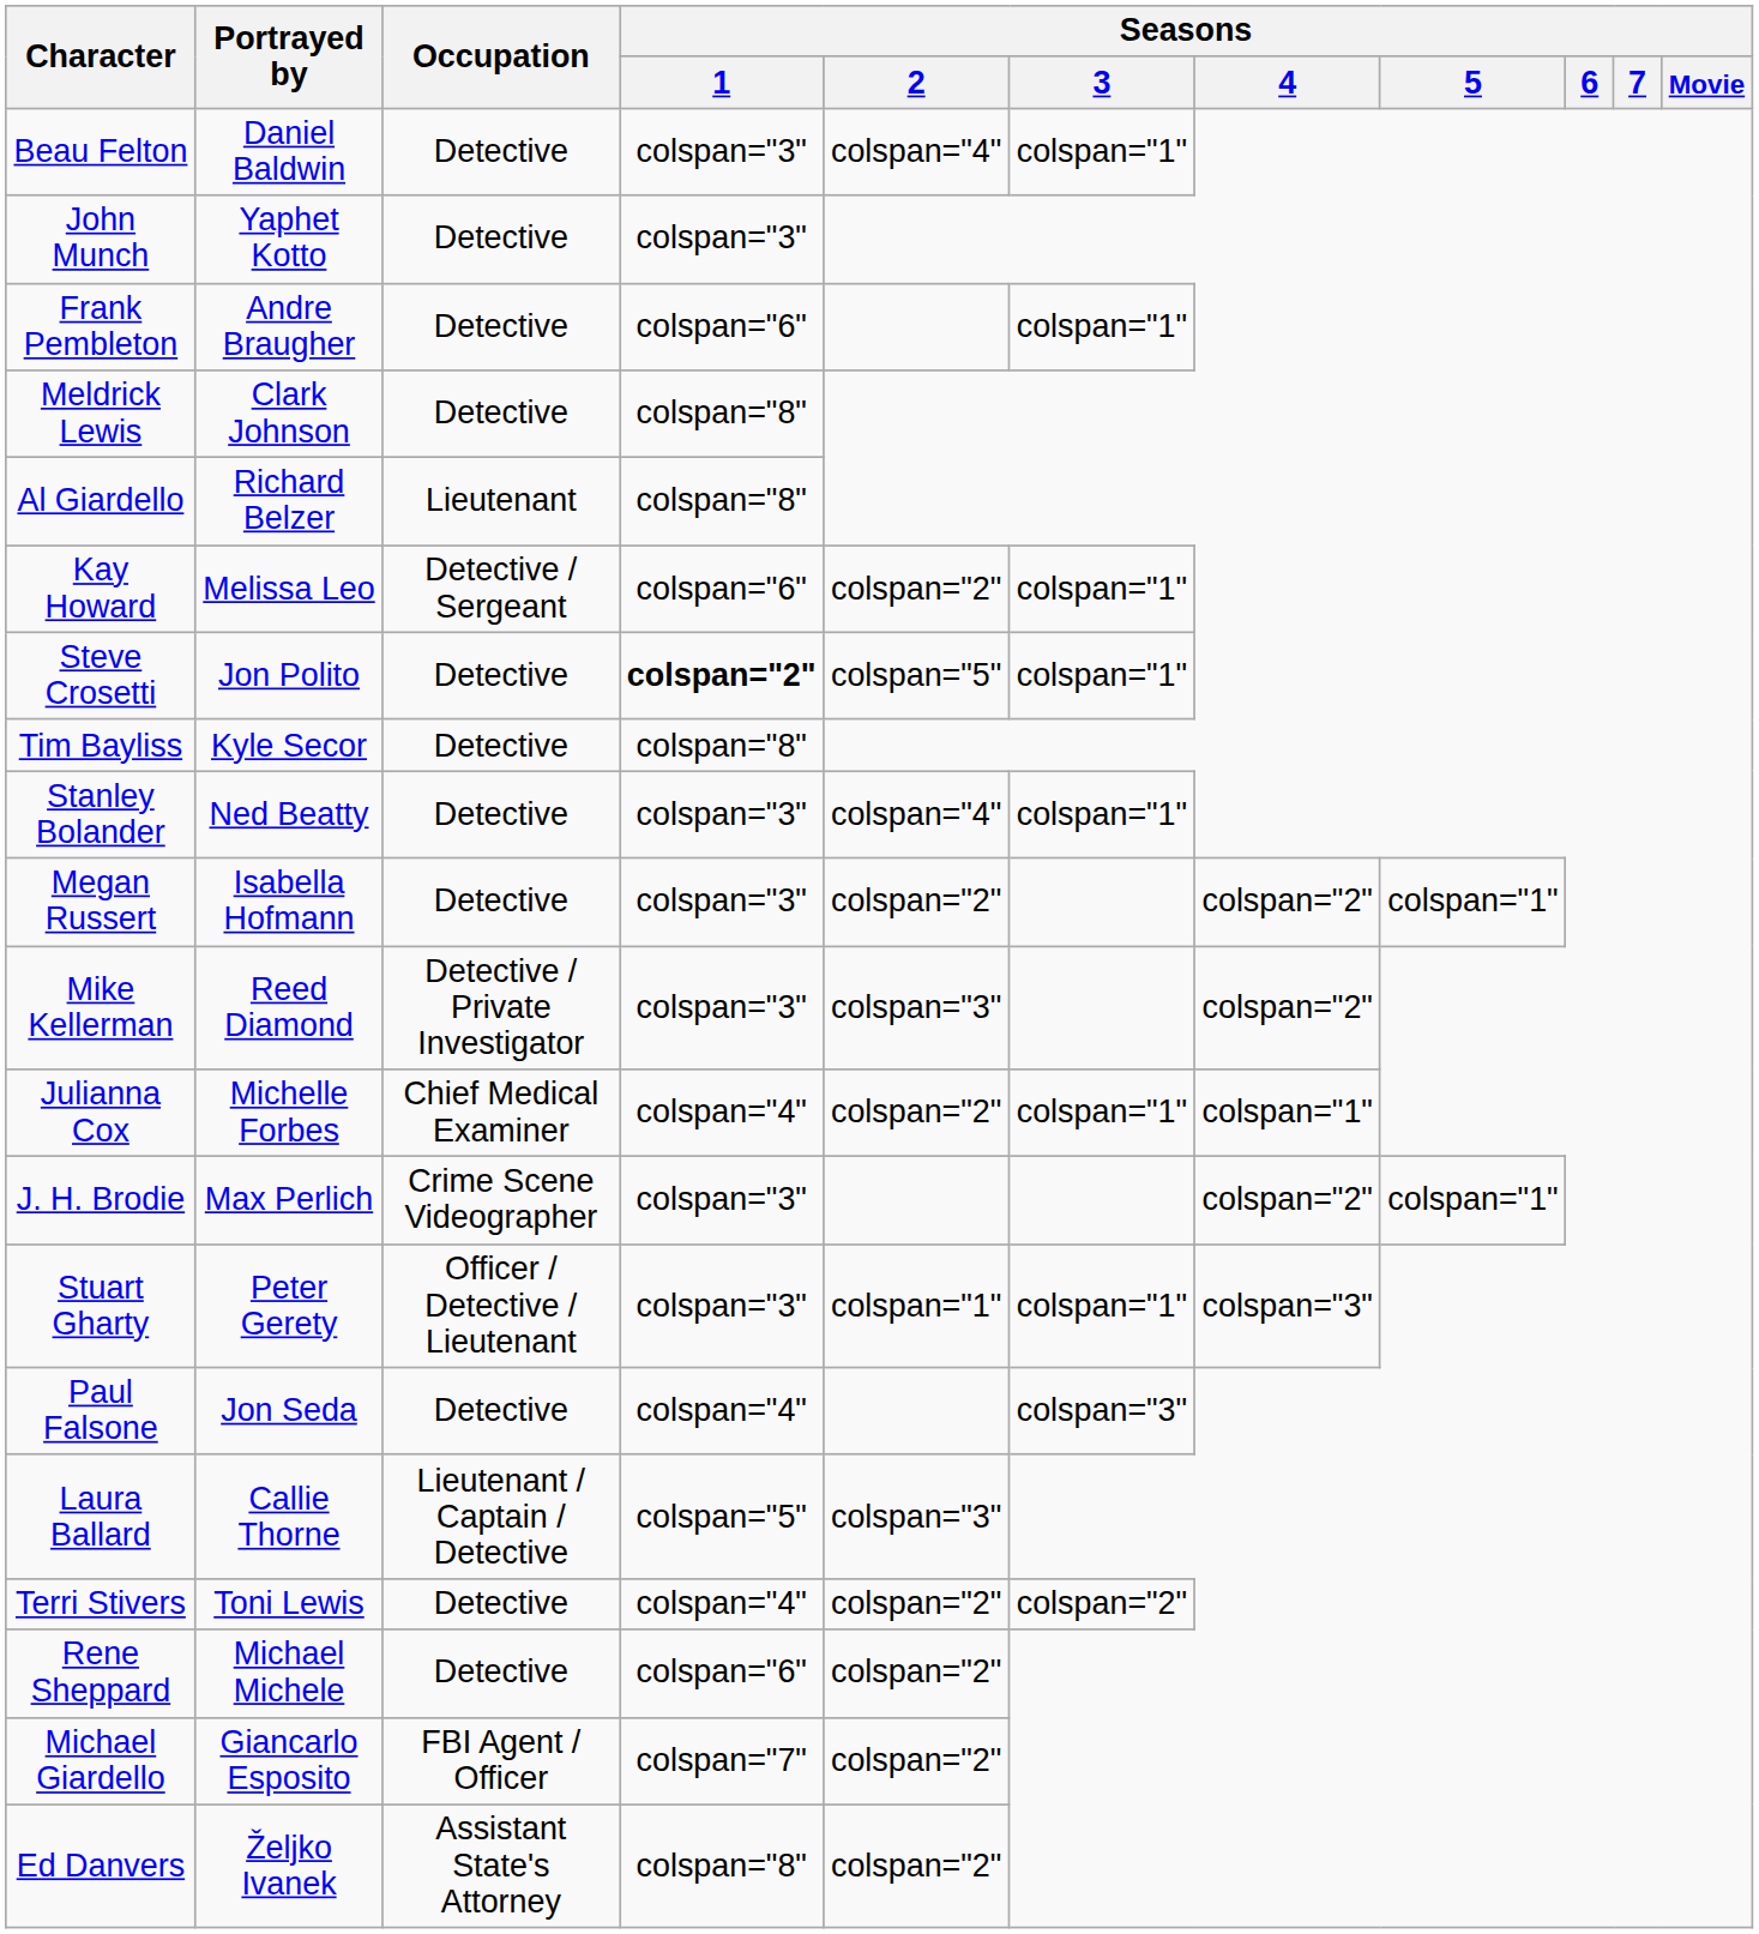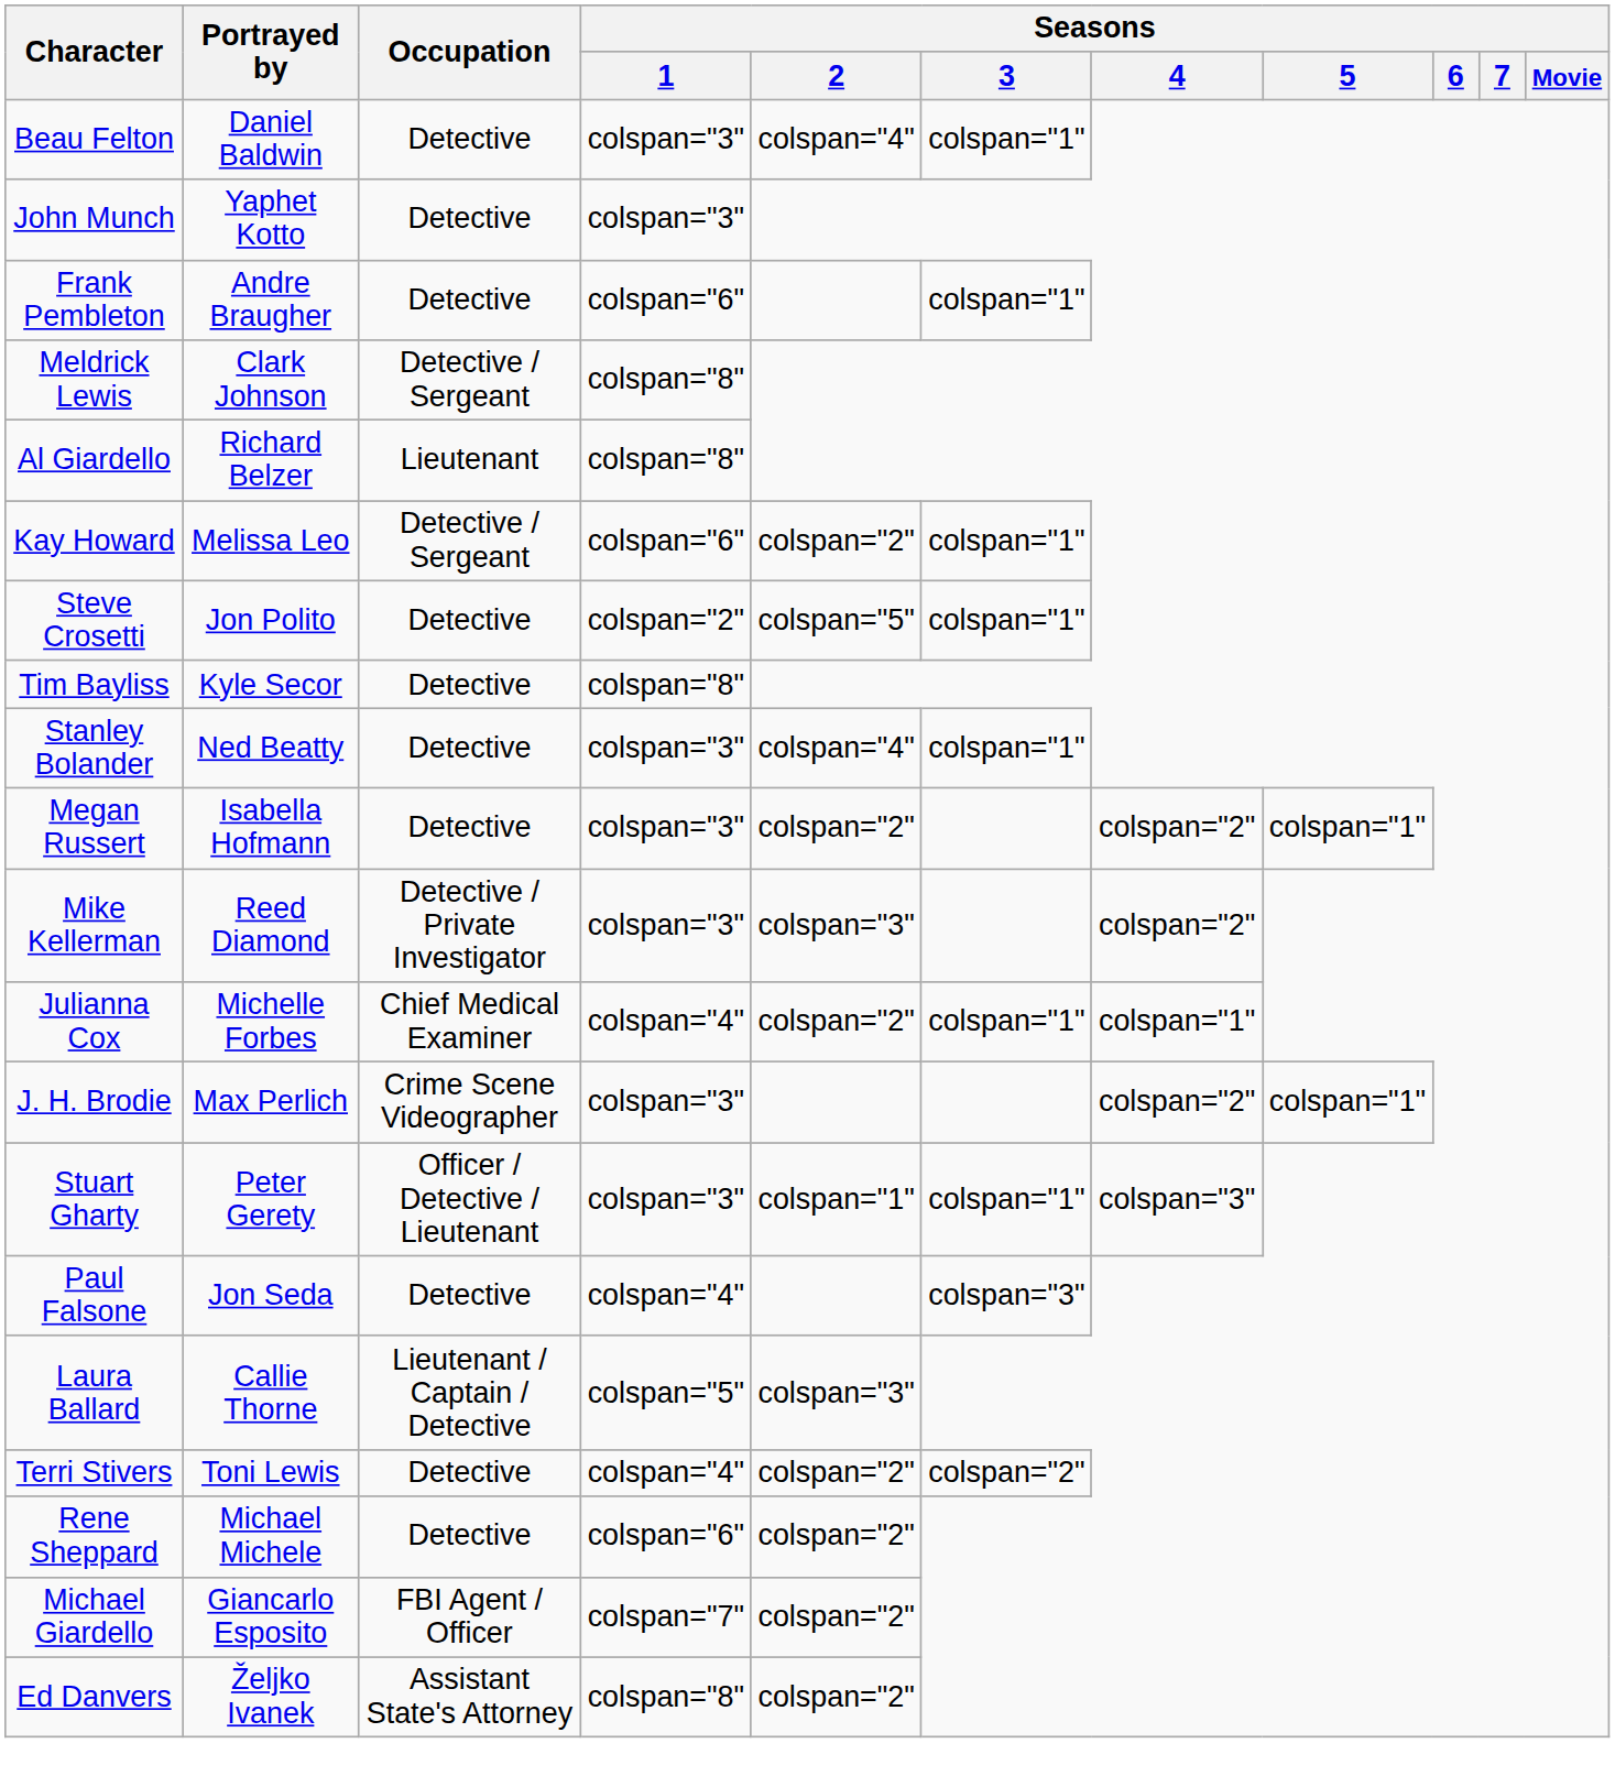 <table class="wikitable plainrowheaders" style="text-align:center;">
 <tr>
 <th scope="col" rowspan="2" style="width:14%;">Character</th>
 <th scope="col" rowspan="2" style="width:14%;">Portrayed by</th>
 <th scope="col" rowspan="2" style="width:18%;">Occupation</th>
 <th scope="col" colspan="8" style="width:35%;">Seasons</th>
 </tr>
 <tr>
 <th scope="col" style="width:5%;"><a href='#'>1</a></th>
 <th scope="col" style="width:5%;"><a href='#'>2</a></th>
 <th scope="col" style="width:5%;"><a href='#'>3</a></th>
 <th scope="col" style="width:5%;"><a href='#'>4</a></th>
 <th scope="col" style="width:5%;"><a href='#'>5</a></th>
 <th scope="col" style="width:5%;"><a href='#'>6</a></th>
 <th scope="col" style="width:5%;"><a href='#'>7</a></th>
 <th scope="col" style="width:5%;"><small><a href='#'>Movie</a></small></th>
 </tr>
 <tr>
 <td><a href='#'>Beau Felton</a></td>
 <td><a href='#'>Daniel Baldwin</a></td>
 <td>Detective</td>
 <td>colspan="3" </td>
 <td>colspan="4" </td>
 <td>colspan="1" </td>
 </tr>
 <tr>
 <td><a href='#'>John Munch</a></td>
 <td><a href='#'>Yaphet Kotto</a></td>
 <td>Detective</td>
 <td>colspan="3" </td>
 </tr>
 <tr>
 <td><a href='#'>Frank Pembleton</a></td>
 <td><a href='#'>Andre Braugher</a></td>
 <td>Detective</td>
 <td>colspan="6" </td>
 <td></td>
 <td>colspan="1" </td>
 </tr>
 <tr>
 <td><a href='#'>Meldrick Lewis</a></td>
 <td><a href='#'>Clark Johnson</a></td>
-<td>Detective</td>
+<td>Detective / Sergeant</td>
 <td>colspan="8" </td>
 </tr>
 <tr>
 <td><a href='#'>Al Giardello</a></td>
 <td><a href='#'>Richard Belzer</a></td>
 <td>Lieutenant</td>
 <td>colspan="8" </td>
 </tr>
 <tr>
 <td><a href='#'>Kay Howard</a></td>
 <td><a href='#'>Melissa Leo</a></td>
 <td>Detective / Sergeant</td>
 <td>colspan="6" </td>
 <td>colspan="2" </td>
 <td>colspan="1" </td>
 </tr>
 <tr>
 <td><a href='#'>Steve Crosetti</a></td>
 <td><a href='#'>Jon Polito</a></td>
 <td>Detective</td>
-<td><strong>colspan="2" </strong></td>
+<td>colspan="2" </td>
 <td>colspan="5" </td>
 <td>colspan="1" </td>
 </tr>
 <tr>
 <td><a href='#'>Tim Bayliss</a></td>
 <td><a href='#'>Kyle Secor</a></td>
 <td>Detective</td>
 <td>colspan="8" </td>
 </tr>
 <tr>
 <td><a href='#'>Stanley Bolander</a></td>
 <td><a href='#'>Ned Beatty</a></td>
 <td>Detective</td>
 <td>colspan="3" </td>
 <td>colspan="4" </td>
 <td>colspan="1" </td>
 </tr>
 <tr>
 <td><a href='#'>Megan Russert</a></td>
 <td><a href='#'>Isabella Hofmann</a></td>
 <td>Detective</td>
 <td>colspan="3" </td>
 <td>colspan="2" </td>
 <td></td>
 <td>colspan="2" </td>
 <td>colspan="1" </td>
 </tr>
 <tr>
 <td><a href='#'>Mike Kellerman</a></td>
 <td><a href='#'>Reed Diamond</a></td>
 <td>Detective / Private Investigator</td>
 <td>colspan="3" </td>
 <td>colspan="3" </td>
 <td></td>
 <td>colspan="2" </td>
 </tr>
 <tr>
 <td><a href='#'>Julianna Cox</a></td>
 <td><a href='#'>Michelle Forbes</a></td>
 <td>Chief Medical Examiner</td>
 <td>colspan="4" </td>
 <td>colspan="2" </td>
 <td>colspan="1" </td>
 <td>colspan="1" </td>
 </tr>
 <tr>
 <td><a href='#'>J. H. Brodie</a></td>
 <td><a href='#'>Max Perlich</a></td>
 <td>Crime Scene Videographer</td>
 <td>colspan="3" </td>
 <td></td>
 <td></td>
 <td>colspan="2" </td>
 <td>colspan="1" </td>
 </tr>
 <tr>
 <td><a href='#'>Stuart Gharty</a></td>
 <td><a href='#'>Peter Gerety</a></td>
 <td>Officer / Detective / Lieutenant</td>
 <td>colspan="3" </td>
 <td>colspan="1" </td>
 <td>colspan="1" </td>
 <td>colspan="3" </td>
 </tr>
 <tr>
 <td><a href='#'>Paul Falsone</a></td>
 <td><a href='#'>Jon Seda</a></td>
 <td>Detective</td>
 <td>colspan="4" </td>
 <td></td>
 <td>colspan="3" </td>
 </tr>
 <tr>
 <td><a href='#'>Laura Ballard</a></td>
 <td><a href='#'>Callie Thorne</a></td>
 <td>Lieutenant / Captain / Detective</td>
 <td>colspan="5" </td>
 <td>colspan="3" </td>
 </tr>
 <tr>
 <td><a href='#'>Terri Stivers</a></td>
 <td><a href='#'>Toni Lewis</a></td>
 <td>Detective</td>
 <td>colspan="4" </td>
 <td>colspan="2" </td>
 <td>colspan="2" </td>
 </tr>
 <tr>
 <td><a href='#'>Rene Sheppard</a></td>
 <td><a href='#'>Michael Michele</a></td>
 <td>Detective</td>
 <td>colspan="6" </td>
 <td>colspan="2" </td>
 </tr>
 <tr>
 <td><a href='#'>Michael Giardello</a></td>
 <td><a href='#'>Giancarlo Esposito</a></td>
 <td>FBI Agent / Officer</td>
 <td>colspan="7" </td>
 <td>colspan="2" </td>
 </tr>
 <tr>
 <td><a href='#'>Ed Danvers</a></td>
 <td><a href='#'>Željko Ivanek</a></td>
 <td>Assistant State's Attorney</td>
 <td>colspan="8" </td>
 <td>colspan="2" </td>
 </tr>
 </table>
